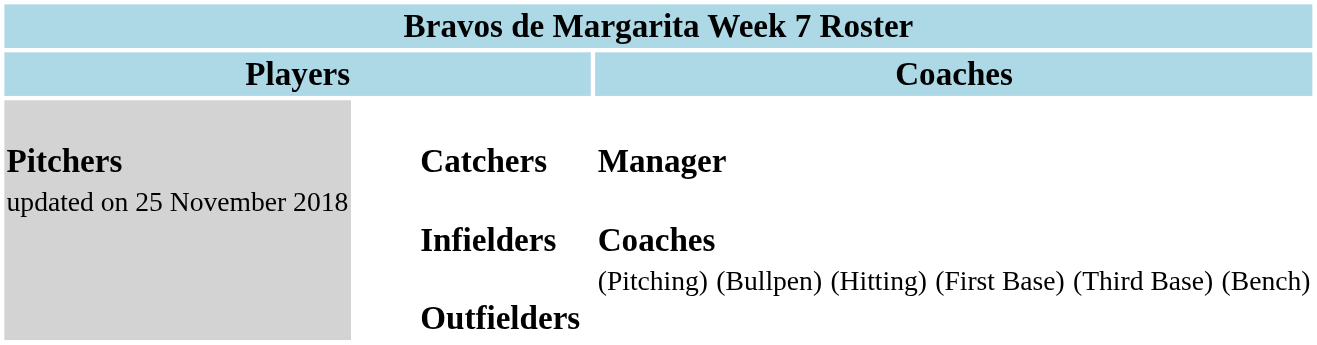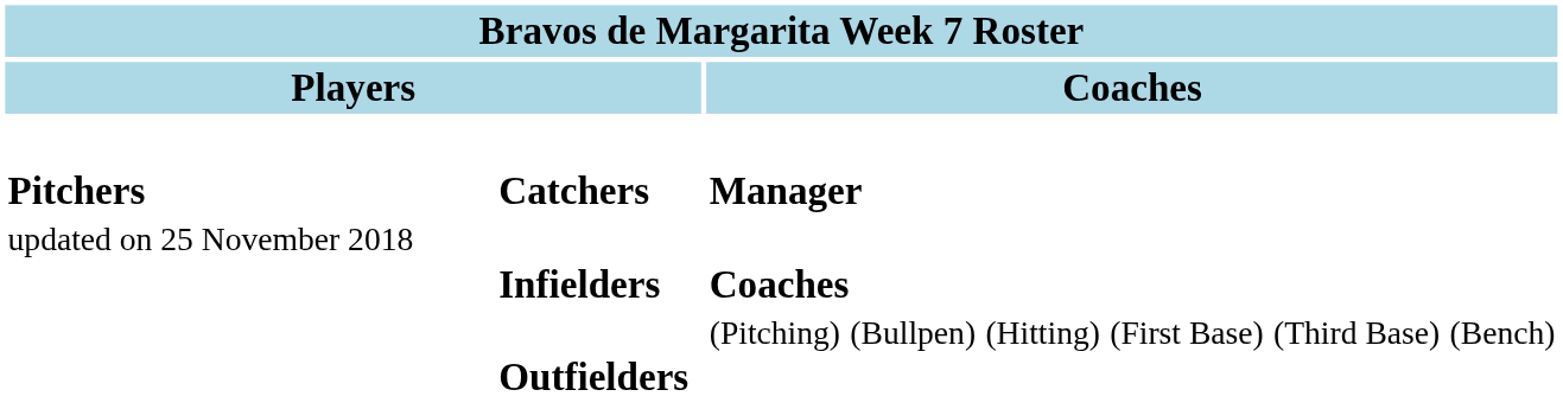 <table class="toccolours" style="font-size: 95%;">
 <tr>
 <th colspan="10" style="background-color: lightblue; color: BLACK; text-align:center">Bravos de Margarita Week 7 Roster</th>
 </tr>
 <tr>
 <th colspan="4" style="background-color: lightblue; color: BLACK">Players</th>
 <th colspan="1" style="background-color: lightblue; color: BLACK">Coaches</th>
 </tr>
 <tr>
-<td style="background: lightgrey; vertical-align:top;text-align:left;"><br><strong>Pitchers</strong><br>                  <small> <span></span> updated on 25 November 2018</small></td>
+<td style="vertical-align:top;text-align:left;"><br><strong>Pitchers</strong><br>                  <small> <span></span> updated on 25 November 2018</small></td>
 <td width="25px"></td>
 <td style="vertical-align:top;text-align:left;"><br><strong>Catchers</strong><br> <br><strong>Infielders</strong><br>      <br><strong>Outfielders</strong><br>   </td>
 <td style="vertical-align:top;text-align:left;"></td>
 <td style="vertical-align:top;text-align:left;"><br><strong>Manager</strong><br><br><strong>Coaches</strong><br> <small>(Pitching)</small>  <small>(Bullpen)</small>  <small>(Hitting)</small>  <small>(First Base)</small>  <small>(Third Base)</small>  <small>(Bench)</small></td>
 </tr>
 </table>
